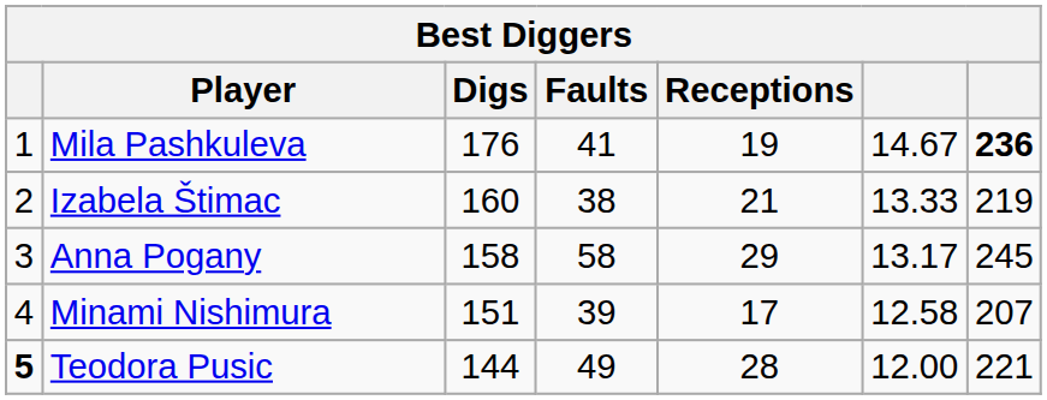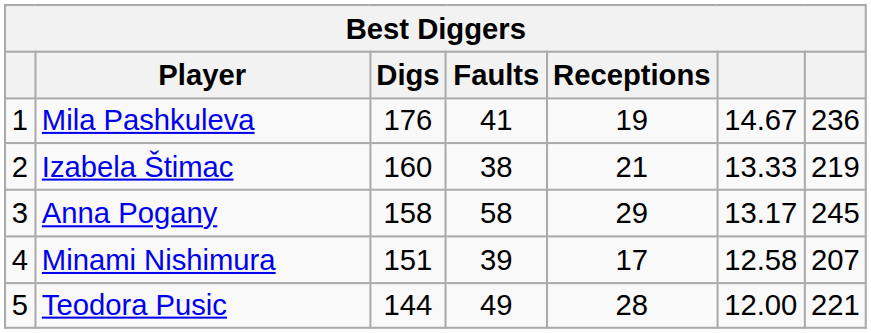 <table class="wikitable sortable" style=font-size:90%>
 <tr>
 <th colspan=7>Best Diggers</th>
 </tr>
 <tr>
 <th></th>
 <th width=158>Player</th>
 <th width=20>Digs</th>
 <th width=20>Faults</th>
 <th width=20>Receptions</th>
 <th width=20></th>
 <th width=20></th>
 </tr>
 <tr>
 <td>1</td>
 <td> <a href='#'>Mila Pashkuleva</a></td>
 <td align=center>176</td>
 <td align=center>41</td>
 <td align=center>19</td>
 <td align=center>14.67</td>
-<td align=center><strong>236</strong></td>
+<td align=center>236</td>
 </tr>
 <tr>
 <td>2</td>
 <td> <a href='#'>Izabela Štimac</a></td>
 <td align=center>160</td>
 <td align=center>38</td>
 <td align=center>21</td>
 <td align=center>13.33</td>
 <td align=center>219</td>
 </tr>
 <tr>
 <td>3</td>
 <td> <a href='#'>Anna Pogany</a></td>
 <td align=center>158</td>
 <td align=center>58</td>
 <td align=center>29</td>
 <td align=center>13.17</td>
 <td align=center>245</td>
 </tr>
 <tr>
 <td>4</td>
 <td> <a href='#'>Minami Nishimura</a></td>
 <td align=center>151</td>
 <td align=center>39</td>
 <td align=center>17</td>
 <td align=center>12.58</td>
 <td align=center>207</td>
 </tr>
 <tr>
-<td><strong>5</strong></td>
+<td>5</td>
 <td> <a href='#'>Teodora Pusic</a></td>
 <td align=center>144</td>
 <td align=center>49</td>
 <td align=center>28</td>
 <td align=center>12.00</td>
 <td align=center>221</td>
 </tr>
 </table>
